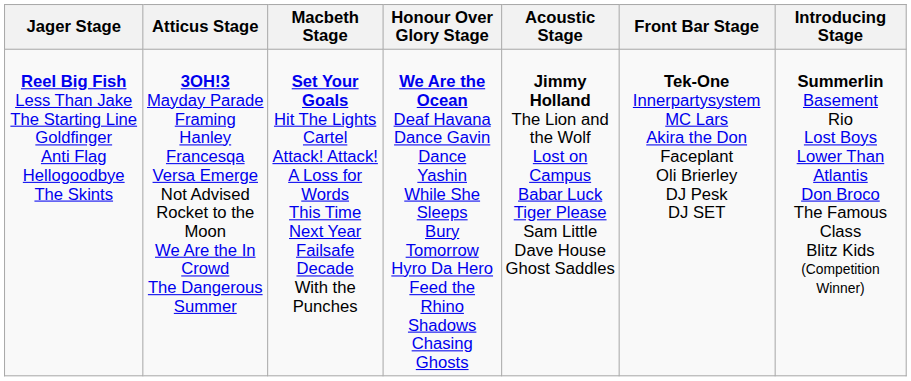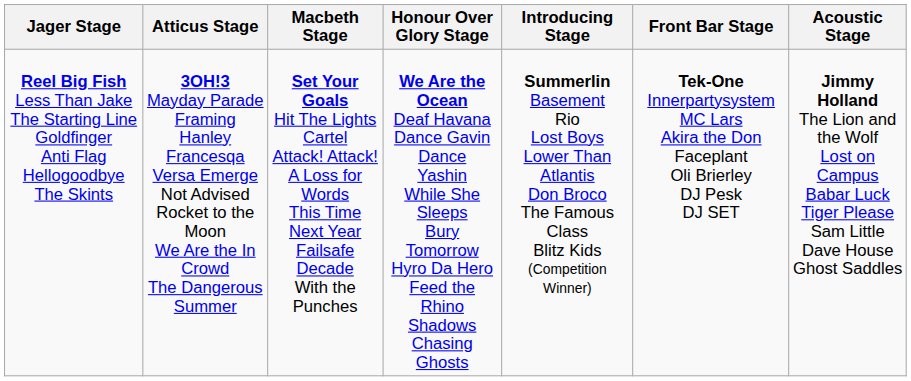 <table class="wikitable">
 <tr>
 <th>Jager Stage</th>
 <th>Atticus Stage</th>
 <th>Macbeth Stage</th>
 <th>Honour Over Glory Stage</th>
+<th>Introducing Stage</th>
+<th>Front Bar Stage</th>
 <th>Acoustic Stage</th>
-<th>Front Bar Stage</th>
-<th>Introducing Stage</th>
 </tr>
 <tr>
 <td valign="top" align="center" width=185><br><strong><a href='#'>Reel Big Fish</a></strong> <br><a href='#'>Less Than Jake</a> <br><a href='#'>The Starting Line</a> <br><a href='#'>Goldfinger</a> <br><a href='#'>Anti Flag</a> <br><a href='#'>Hellogoodbye</a> <br><a href='#'>The Skints</a></td>
 <td valign="top" align="center" width=185><br><strong><a href='#'>3OH!3</a></strong> <br><a href='#'>Mayday Parade</a> <br><a href='#'>Framing Hanley</a> <br><a href='#'>Francesqa</a> <br><a href='#'>Versa Emerge</a> <br>Not Advised <br>Rocket to the Moon <br><a href='#'>We Are the In Crowd</a> <br><a href='#'>The Dangerous Summer</a></td>
 <td valign="top" align="center" width=185><br><strong><a href='#'>Set Your Goals</a></strong> <br><a href='#'>Hit The Lights</a> <br><a href='#'>Cartel</a> <br><a href='#'>Attack! Attack!</a> <br><a href='#'>A Loss for Words</a> <br><a href='#'>This Time Next Year</a> <br><a href='#'>Failsafe</a> <br><a href='#'>Decade</a> <br>With the Punches</td>
 <td valign="top" align="center" width=185><br><strong><a href='#'>We Are the Ocean</a></strong> <br><a href='#'>Deaf Havana</a> <br><a href='#'>Dance Gavin Dance</a> <br><a href='#'>Yashin</a> <br><a href='#'>While She Sleeps</a> <br><a href='#'>Bury Tomorrow</a> <br><a href='#'>Hyro Da Hero</a> <br><a href='#'>Feed the Rhino</a> <br><a href='#'>Shadows Chasing Ghosts</a></td>
+<td valign="top" align="center" width=185><br><strong>Summerlin</strong> <br><a href='#'>Basement</a> <br>Rio <br><a href='#'>Lost Boys</a> <br><a href='#'>Lower Than Atlantis</a> <br><a href='#'>Don Broco</a> <br>The Famous Class <br>Blitz Kids <br><small>(Competition Winner)</small></td>
+<td valign="top" align="center" width=185><br><strong>Tek-One</strong> <br><a href='#'>Innerpartysystem</a> <br><a href='#'>MC Lars</a> <br><a href='#'>Akira the Don</a> <br>Faceplant <br>Oli Brierley <br>DJ Pesk <br>DJ SET</td>
 <td valign="top" align="center" width=185><br><strong>Jimmy Holland</strong> <br>The Lion and the Wolf <br><a href='#'>Lost on Campus</a> <br><a href='#'>Babar Luck</a> <br><a href='#'>Tiger Please</a> <br>Sam Little <br>Dave House <br>Ghost Saddles</td>
-<td valign="top" align="center" width=185><br><strong>Tek-One</strong> <br><a href='#'>Innerpartysystem</a> <br><a href='#'>MC Lars</a> <br><a href='#'>Akira the Don</a> <br>Faceplant <br>Oli Brierley <br>DJ Pesk <br>DJ SET</td>
-<td valign="top" align="center" width=185><br><strong>Summerlin</strong> <br><a href='#'>Basement</a> <br>Rio <br><a href='#'>Lost Boys</a> <br><a href='#'>Lower Than Atlantis</a> <br><a href='#'>Don Broco</a> <br>The Famous Class <br>Blitz Kids <br><small>(Competition Winner)</small></td>
 </tr>
 </table>
